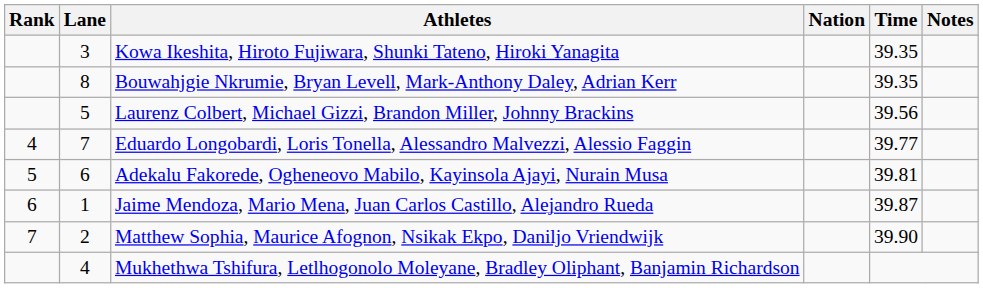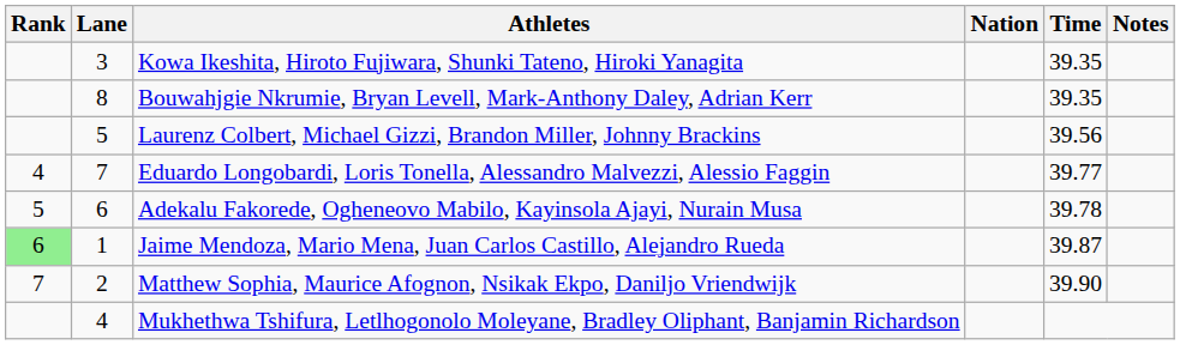 <table class="wikitable sortable" style="text-align:center">
 <tr>
 <th>Rank</th>
 <th>Lane</th>
 <th>Athletes</th>
 <th>Nation</th>
 <th>Time</th>
 <th>Notes</th>
 </tr>
 <tr>
 <td></td>
 <td>3</td>
 <td align=left><a href='#'>Kowa Ikeshita</a>, <a href='#'>Hiroto Fujiwara</a>, <a href='#'>Shunki Tateno</a>, <a href='#'>Hiroki Yanagita</a></td>
 <td align=left></td>
 <td>39.35</td>
 <td></td>
 </tr>
 <tr>
 <td></td>
 <td>8</td>
 <td align=left><a href='#'>Bouwahjgie Nkrumie</a>, <a href='#'>Bryan Levell</a>, <a href='#'>Mark-Anthony Daley</a>, <a href='#'>Adrian Kerr</a></td>
 <td align=left></td>
 <td>39.35</td>
 <td></td>
 </tr>
 <tr>
 <td></td>
 <td>5</td>
 <td align=left><a href='#'>Laurenz Colbert</a>, <a href='#'>Michael Gizzi</a>, <a href='#'>Brandon Miller</a>, <a href='#'>Johnny Brackins</a></td>
 <td align=left></td>
 <td>39.56</td>
 <td></td>
 </tr>
 <tr>
 <td>4</td>
 <td>7</td>
 <td align=left><a href='#'>Eduardo Longobardi</a>, <a href='#'>Loris Tonella</a>, <a href='#'>Alessandro Malvezzi</a>, <a href='#'>Alessio Faggin</a></td>
 <td align=left></td>
 <td>39.77</td>
 <td></td>
 </tr>
 <tr>
 <td>5</td>
 <td>6</td>
 <td align=left><a href='#'>Adekalu Fakorede</a>, <a href='#'>Ogheneovo Mabilo</a>, <a href='#'>Kayinsola Ajayi</a>, <a href='#'>Nurain Musa</a></td>
 <td align=left></td>
-<td>39.81</td>
+<td>39.78</td>
 <td></td>
 </tr>
 <tr>
-<td>6</td>
+<td style="background: lightgreen;">6</td>
 <td>1</td>
 <td align=left><a href='#'>Jaime Mendoza</a>, <a href='#'>Mario Mena</a>, <a href='#'>Juan Carlos Castillo</a>, <a href='#'>Alejandro Rueda</a></td>
 <td align=left></td>
 <td>39.87</td>
 <td></td>
 </tr>
 <tr>
 <td>7</td>
 <td>2</td>
 <td align=left><a href='#'>Matthew Sophia</a>, <a href='#'>Maurice Afognon</a>, <a href='#'>Nsikak Ekpo</a>, <a href='#'>Daniljo Vriendwijk</a></td>
 <td align=left></td>
 <td>39.90</td>
 <td></td>
 </tr>
 <tr>
 <td></td>
 <td>4</td>
 <td align=left><a href='#'>Mukhethwa Tshifura</a>, <a href='#'>Letlhogonolo Moleyane</a>, <a href='#'>Bradley Oliphant</a>, <a href='#'>Banjamin Richardson</a></td>
 <td align=left></td>
 <td colspan=2> </td>
 </tr>
 </table>
